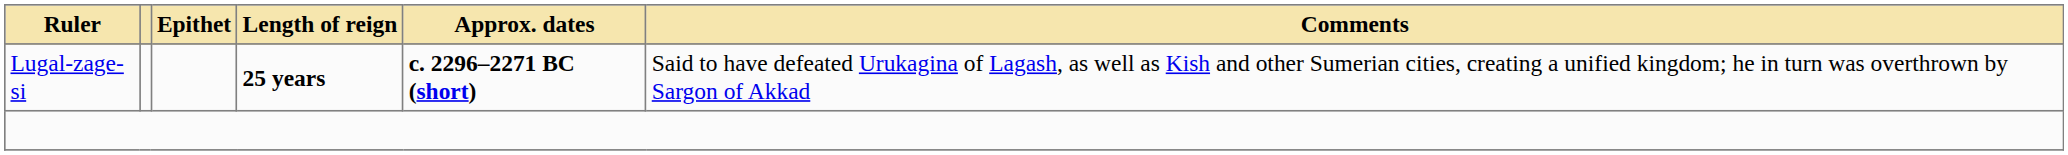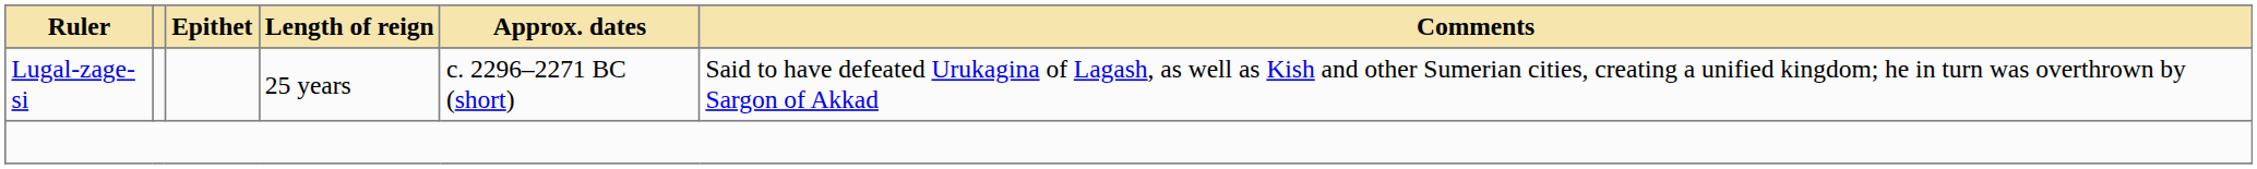 <table class="nowraplinks" cellspacing="0" cellpadding="3" width="600px" rules="all" style="background:#fbfbfb; border-style: solid; border-width: 1px; font-size:90%; empty-cells:show; border-collapse:collapse; width:100%;">
 <tr bgcolor="#F6E6AE">
 <th>Ruler</th>
 <th></th>
 <th>Epithet</th>
 <th>Length of reign</th>
 <th>Approx. dates</th>
 <th>Comments</th>
 </tr>
 <tr>
 <td><a href='#'>Lugal-zage-si</a></td>
 <td></td>
 <td></td>
-<td><strong>25 years</strong></td>
-<td><strong>c. 2296–2271 BC (<a href='#'>short</a>)</strong></td>
+<td>25 years</td>
+<td>c. 2296–2271 BC (<a href='#'>short</a>)</td>
 <td>Said to have defeated <a href='#'>Urukagina</a> of <a href='#'>Lagash</a>, as well as <a href='#'>Kish</a> and other Sumerian cities, creating a unified kingdom; he in turn was overthrown by <a href='#'>Sargon of Akkad</a></td>
 </tr>
 <tr>
 <td colspan="6"><br></td>
 </tr>
 </table>
